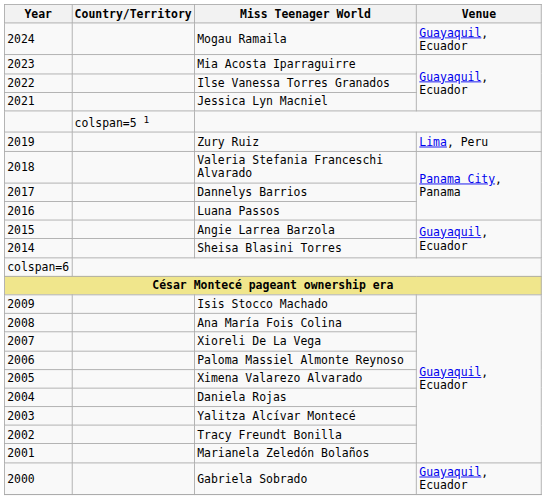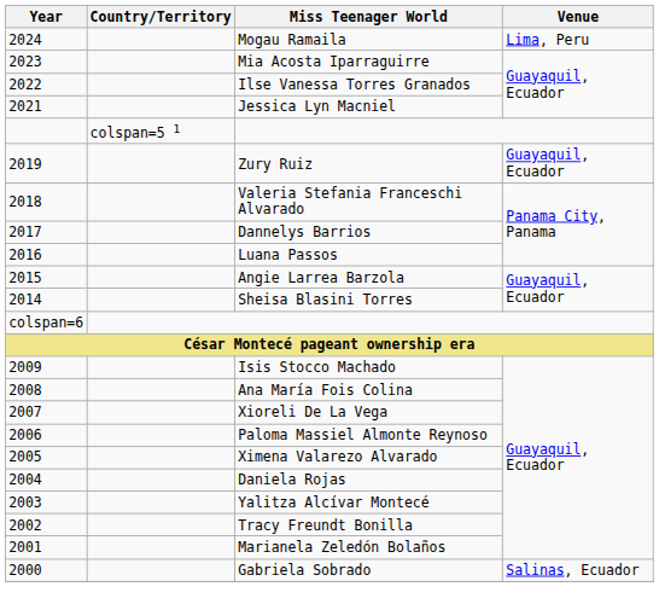 <table class="wikitable">
 <tr>
 <th>Year</th>
 <th>Country/Territory</th>
 <th>Miss Teenager World</th>
 <th>Venue</th>
 </tr>
 <tr>
 <td>2024</td>
 <td></td>
 <td>Mogau Ramaila</td>
-<td><a href='#'>Guayaquil</a>, Ecuador</td>
+<td><a href='#'>Lima</a>, Peru</td>
 </tr>
 <tr>
 <td>2023</td>
 <td></td>
 <td>Mia Acosta Iparraguirre</td>
 <td rowspan=3><a href='#'>Guayaquil</a>, Ecuador</td>
 </tr>
 <tr>
 <td>2022</td>
 <td></td>
 <td>Ilse Vanessa Torres Granados</td>
 </tr>
 <tr>
 <td>2021</td>
 <td></td>
 <td>Jessica Lyn Macniel</td>
 </tr>
 <tr>
 <td></td>
 <td>colspan=5 <sup>1</sup></td>
 </tr>
 <tr>
 <td>2019</td>
 <td></td>
 <td>Zury Ruiz</td>
-<td><a href='#'>Lima</a>, Peru</td>
+<td><a href='#'>Guayaquil</a>, Ecuador</td>
 </tr>
 <tr>
 <td>2018</td>
 <td></td>
 <td>Valeria Stefania Franceschi Alvarado</td>
 <td rowspan=3><a href='#'>Panama City</a>, Panama</td>
 </tr>
 <tr>
 <td>2017</td>
 <td></td>
 <td>Dannelys Barrios</td>
 </tr>
 <tr>
 <td>2016</td>
 <td></td>
 <td>Luana Passos</td>
 </tr>
 <tr>
 <td>2015</td>
 <td></td>
 <td>Angie Larrea Barzola</td>
 <td rowspan=2><a href='#'>Guayaquil</a>, Ecuador</td>
 </tr>
 <tr>
 <td>2014</td>
 <td></td>
 <td>Sheisa Blasini Torres</td>
 </tr>
 <tr>
 <td>colspan=6 </td>
 </tr>
 <tr>
 <td bgcolor=khaki align=center colspan=7><strong>César Montecé pageant ownership era</strong></td>
 </tr>
 <tr>
 <td>2009</td>
 <td></td>
 <td>Isis Stocco Machado</td>
 <td rowspan=9><a href='#'>Guayaquil</a>, Ecuador</td>
 </tr>
 <tr>
 <td>2008</td>
 <td></td>
 <td>Ana María Fois Colina</td>
 </tr>
 <tr>
 <td>2007</td>
 <td></td>
 <td>Xioreli De La Vega</td>
 </tr>
 <tr>
 <td>2006</td>
 <td></td>
 <td>Paloma Massiel Almonte Reynoso</td>
 </tr>
 <tr>
 <td>2005</td>
 <td></td>
 <td>Ximena Valarezo Alvarado</td>
 </tr>
 <tr>
 <td>2004</td>
 <td></td>
 <td>Daniela Rojas</td>
 </tr>
 <tr>
 <td>2003</td>
 <td></td>
 <td>Yalitza Alcívar Montecé</td>
 </tr>
 <tr>
 <td>2002</td>
 <td></td>
 <td>Tracy Freundt Bonilla </td>
 </tr>
 <tr>
 <td>2001</td>
 <td></td>
 <td>Marianela Zeledón Bolaños</td>
 </tr>
 <tr>
 <td>2000</td>
 <td></td>
 <td>Gabriela Sobrado</td>
-<td><a href='#'>Guayaquil</a>, Ecuador</td>
+<td><a href='#'>Salinas</a>, Ecuador</td>
 </tr>
 <tr>
 </tr>
 </table>
